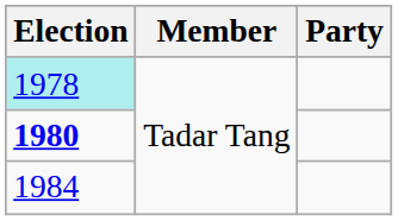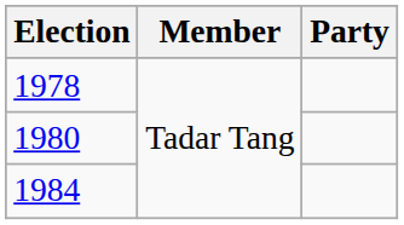 <table class="wikitable sortable">
 <tr>
 <th>Election</th>
 <th>Member</th>
 <th colspan=2>Party</th>
 </tr>
 <tr>
-<td style="background: paleturquoise;"><a href='#'>1978</a></td>
+<td><a href='#'>1978</a></td>
 <td rowspan=3>Tadar Tang</td>
 <td></td>
 </tr>
 <tr>
-<td><strong><a href='#'>1980</a></strong></td>
+<td><a href='#'>1980</a></td>
 <td></td>
 </tr>
 <tr>
 <td><a href='#'>1984</a></td>
 <td></td>
 </tr>
 </table>
